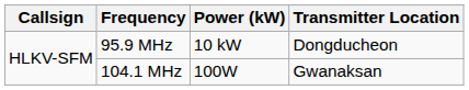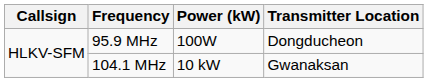 <table class="wikitable">
 <tr>
 <th>Callsign</th>
 <th>Frequency</th>
 <th>Power (kW)</th>
 <th>Transmitter Location</th>
 </tr>
 <tr>
 <td rowspan=2>HLKV-SFM</td>
 <td>95.9 MHz</td>
-<td>10 kW</td>
+<td>100W</td>
 <td>Dongducheon</td>
 </tr>
 <tr>
 <td>104.1 MHz</td>
-<td>100W</td>
+<td>10 kW</td>
 <td>Gwanaksan</td>
 </tr>
 </table>
